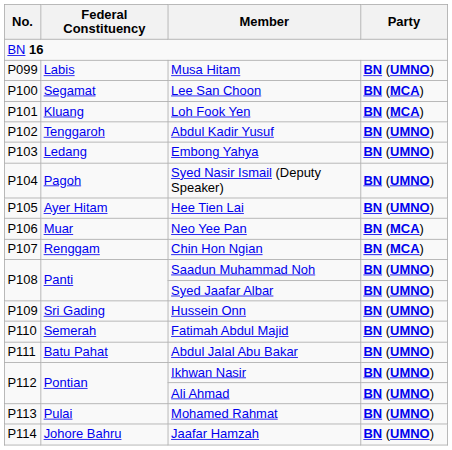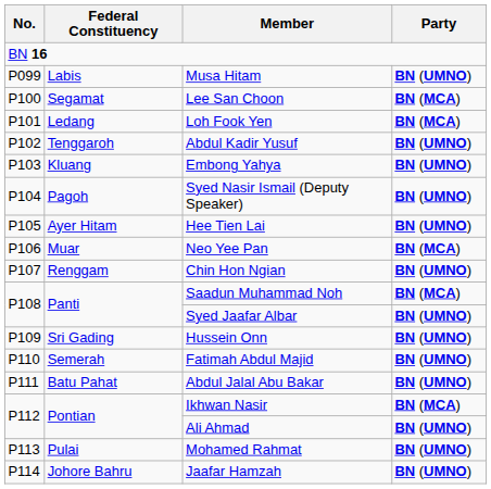 <table class="wikitable sortable">
 <tr>
 <th style="width:30px;">No.</th>
 <th style="width:150px;">Federal Constituency</th>
 <th style="width:230px;">Member</th>
 <th style="width:100px;">Party</th>
 </tr>
 <tr>
 <td colspan="4"><a href='#'>BN</a> <strong>16</strong></td>
 </tr>
 <tr>
 <td>P099</td>
 <td><a href='#'>Labis</a></td>
 <td><a href='#'>Musa Hitam</a></td>
 <td><strong><a href='#'>BN</a></strong> (<strong><a href='#'>UMNO</a></strong>)</td>
 </tr>
 <tr>
 <td>P100</td>
 <td><a href='#'>Segamat</a></td>
 <td><a href='#'>Lee San Choon</a></td>
 <td><strong><a href='#'>BN</a></strong> (<strong><a href='#'>MCA</a></strong>)</td>
 </tr>
 <tr>
 <td>P101</td>
-<td><a href='#'>Kluang</a></td>
+<td><a href='#'>Ledang</a></td>
 <td><a href='#'>Loh Fook Yen</a></td>
 <td><strong><a href='#'>BN</a></strong> (<strong><a href='#'>MCA</a></strong>)</td>
 </tr>
 <tr>
 <td>P102</td>
 <td><a href='#'>Tenggaroh</a></td>
 <td><a href='#'>Abdul Kadir Yusuf</a></td>
 <td><strong><a href='#'>BN</a></strong> (<strong><a href='#'>UMNO</a></strong>)</td>
 </tr>
 <tr>
 <td>P103</td>
-<td><a href='#'>Ledang</a></td>
+<td><a href='#'>Kluang</a></td>
 <td><a href='#'>Embong Yahya</a></td>
 <td><strong><a href='#'>BN</a></strong> (<strong><a href='#'>UMNO</a></strong>)</td>
 </tr>
 <tr>
 <td>P104</td>
 <td><a href='#'>Pagoh</a></td>
 <td><a href='#'>Syed Nasir Ismail</a> (Deputy Speaker)</td>
 <td><strong><a href='#'>BN</a></strong> (<strong><a href='#'>UMNO</a></strong>)</td>
 </tr>
 <tr>
 <td>P105</td>
 <td><a href='#'>Ayer Hitam</a></td>
 <td><a href='#'>Hee Tien Lai</a></td>
 <td><strong><a href='#'>BN</a></strong> (<strong><a href='#'>UMNO</a></strong>)</td>
 </tr>
 <tr>
 <td>P106</td>
 <td><a href='#'>Muar</a></td>
 <td><a href='#'>Neo Yee Pan</a></td>
 <td><strong><a href='#'>BN</a></strong> (<strong><a href='#'>MCA</a></strong>)</td>
 </tr>
 <tr>
 <td>P107</td>
 <td><a href='#'>Renggam</a></td>
 <td><a href='#'>Chin Hon Ngian</a></td>
-<td><strong><a href='#'>BN</a></strong> (<strong><a href='#'>MCA</a></strong>)</td>
+<td><strong><a href='#'>BN</a></strong> (<strong><a href='#'>UMNO</a></strong>)</td>
 </tr>
 <tr>
 <td rowspan=2>P108</td>
 <td rowspan=2><a href='#'>Panti</a></td>
 <td><a href='#'>Saadun Muhammad Noh</a> </td>
-<td><strong><a href='#'>BN</a></strong> (<strong><a href='#'>UMNO</a></strong>)</td>
+<td><strong><a href='#'>BN</a></strong> (<strong><a href='#'>MCA</a></strong>)</td>
 </tr>
 <tr>
 <td><a href='#'>Syed Jaafar Albar</a> </td>
 <td><strong><a href='#'>BN</a></strong> (<strong><a href='#'>UMNO</a></strong>)</td>
 </tr>
 <tr>
 <td>P109</td>
 <td><a href='#'>Sri Gading</a></td>
 <td><a href='#'>Hussein Onn</a></td>
 <td><strong><a href='#'>BN</a></strong> (<strong><a href='#'>UMNO</a></strong>)</td>
 </tr>
 <tr>
 <td>P110</td>
 <td><a href='#'>Semerah</a></td>
 <td><a href='#'>Fatimah Abdul Majid</a></td>
 <td><strong><a href='#'>BN</a></strong> (<strong><a href='#'>UMNO</a></strong>)</td>
 </tr>
 <tr>
 <td>P111</td>
 <td><a href='#'>Batu Pahat</a></td>
 <td><a href='#'>Abdul Jalal Abu Bakar</a></td>
 <td><strong><a href='#'>BN</a></strong> (<strong><a href='#'>UMNO</a></strong>)</td>
 </tr>
 <tr>
 <td rowspan=2>P112</td>
 <td rowspan=2><a href='#'>Pontian</a></td>
 <td><a href='#'>Ikhwan Nasir</a> </td>
-<td><strong><a href='#'>BN</a></strong> (<strong><a href='#'>UMNO</a></strong>)</td>
+<td><strong><a href='#'>BN</a></strong> (<strong><a href='#'>MCA</a></strong>)</td>
 </tr>
 <tr>
 <td><a href='#'>Ali Ahmad</a> </td>
 <td><strong><a href='#'>BN</a></strong> (<strong><a href='#'>UMNO</a></strong>)</td>
 </tr>
 <tr>
 <td>P113</td>
 <td><a href='#'>Pulai</a></td>
 <td><a href='#'>Mohamed Rahmat</a></td>
 <td><strong><a href='#'>BN</a></strong> (<strong><a href='#'>UMNO</a></strong>)</td>
 </tr>
 <tr>
 <td>P114</td>
 <td><a href='#'>Johore Bahru</a></td>
 <td><a href='#'>Jaafar Hamzah</a></td>
 <td><strong><a href='#'>BN</a></strong> (<strong><a href='#'>UMNO</a></strong>)</td>
 </tr>
 </table>
